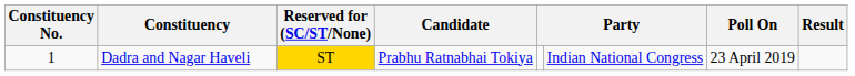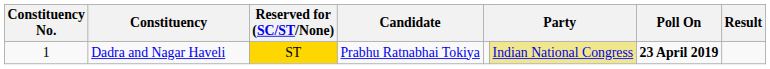 <table class="wikitable sortable">
 <tr>
 <th>Constituency <br> No.</th>
 <th style="width:180px;">Constituency</th>
 <th>Reserved for<br>(<a href='#'>SC/ST</a>/None)</th>
 <th>Candidate</th>
 <th colspan="2">Party</th>
 <th>Poll On</th>
 <th>Result</th>
 </tr>
 <tr>
 <td style="text-align:center;">1</td>
 <td><a href='#'>Dadra and Nagar Haveli</a></td>
 <td style="background: gold; text-align:center;">ST</td>
 <td><a href='#'>Prabhu Ratnabhai Tokiya</a></td>
 <td bgcolor=></td>
-<td><a href='#'>Indian National Congress</a></td>
-<td style="text-align:center;">23 April 2019</td>
+<td style="background: khaki;"><a href='#'>Indian National Congress</a></td>
+<td style="text-align:center;"><strong>23 April 2019</strong></td>
 <td></td>
 </tr>
 </table>
